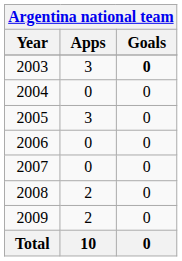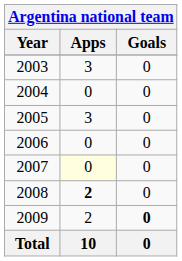 <table class="wikitable" style="text-align:center">
 <tr>
 <th colspan=3><a href='#'>Argentina national team</a></th>
 </tr>
 <tr>
 <th>Year</th>
 <th>Apps</th>
 <th>Goals</th>
 </tr>
 <tr>
 </tr>
 <tr>
 <td>2003</td>
 <td>3</td>
-<td><strong>0</strong></td>
+<td>0</td>
 </tr>
 <tr>
 <td>2004</td>
 <td>0</td>
 <td>0</td>
 </tr>
 <tr>
 <td>2005</td>
 <td>3</td>
 <td>0</td>
 </tr>
 <tr>
 <td>2006</td>
 <td>0</td>
 <td>0</td>
 </tr>
 <tr>
 <td>2007</td>
-<td>0</td>
+<td style="background: lightyellow;">0</td>
 <td>0</td>
 </tr>
 <tr>
 <td>2008</td>
-<td>2</td>
+<td><strong>2</strong></td>
 <td>0</td>
 </tr>
 <tr>
 <td>2009</td>
 <td>2</td>
-<td>0</td>
+<td><strong>0</strong></td>
 </tr>
 <tr>
 <th>Total</th>
 <th>10</th>
 <th>0</th>
 </tr>
 </table>
